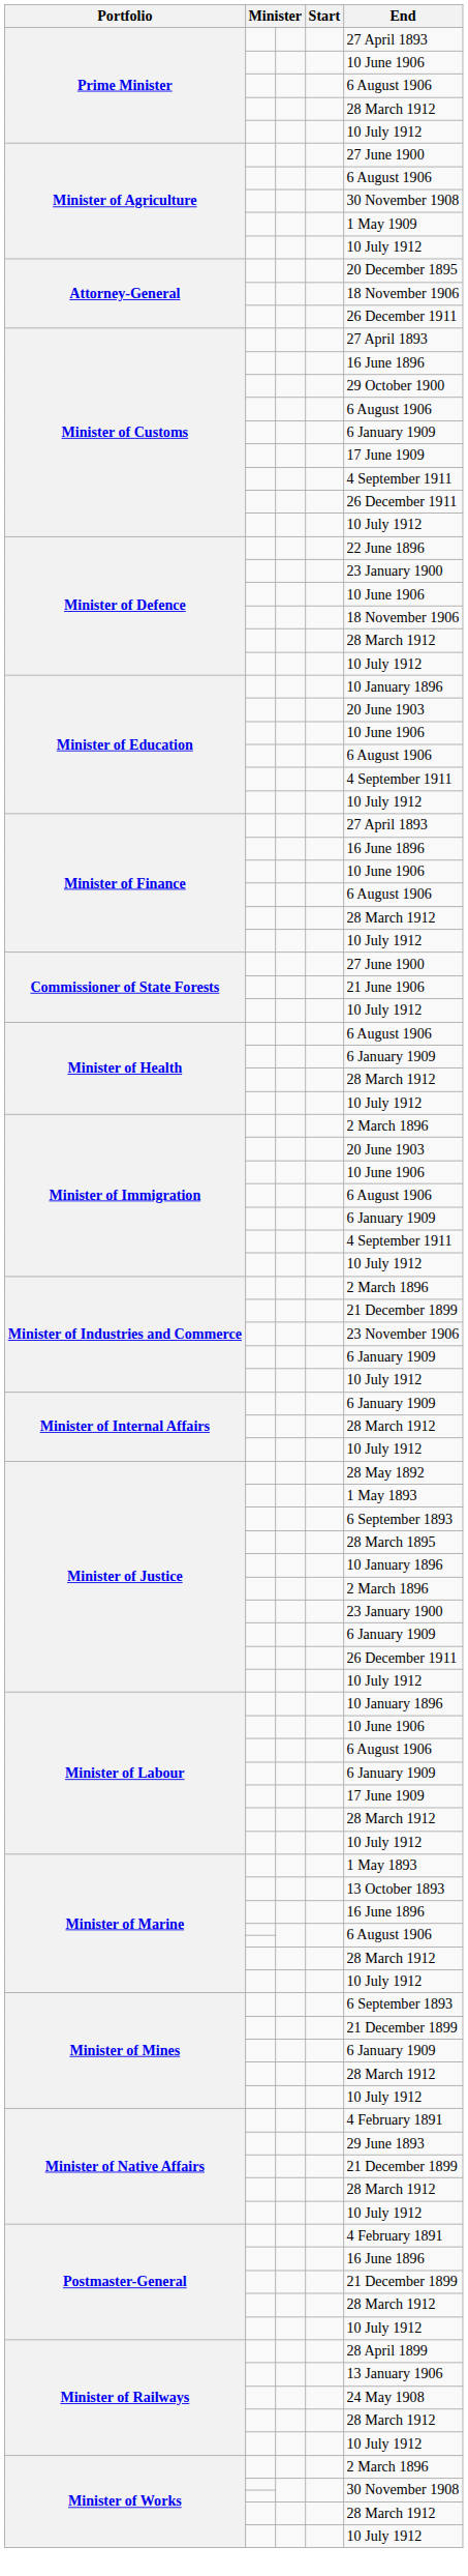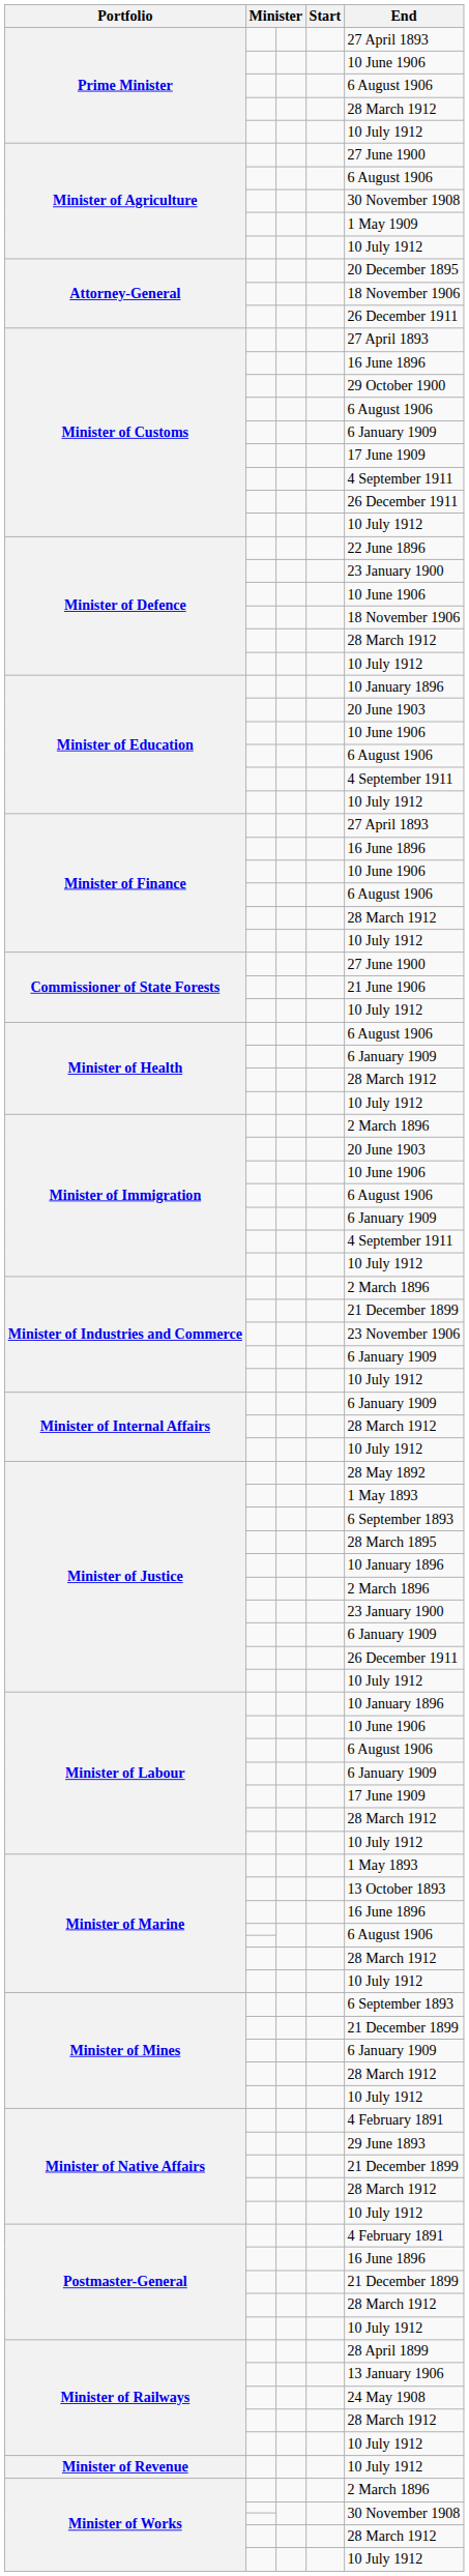 <table class="sortable wikitable">
 <tr>
 <th scope="col">Portfolio</th>
 <th scope="col" colspan="2">Minister</th>
 <th scope="col">Start</th>
 <th scope="col">End</th>
 </tr>
 <tr>
 <th rowspan="5" scope="row"><a href='#'>Prime Minister</a></th>
 <td style="background:"></td>
 <td></td>
 <td></td>
 <td>27 April 1893</td>
 </tr>
 <tr>
 <td style="background:"></td>
 <td></td>
 <td></td>
 <td>10 June 1906</td>
 </tr>
 <tr>
 <td style="background:"></td>
 <td></td>
 <td></td>
 <td>6 August 1906</td>
 </tr>
 <tr>
 <td style="background:"></td>
 <td></td>
 <td></td>
 <td>28 March 1912</td>
 </tr>
 <tr>
 <td style="background:"></td>
 <td></td>
 <td></td>
 <td>10 July 1912</td>
 </tr>
 <tr>
 <th rowspan="5" scope="row"><a href='#'>Minister of Agriculture</a></th>
 <td style="background:"></td>
 <td></td>
 <td></td>
 <td>27 June 1900</td>
 </tr>
 <tr>
 <td style="background:"></td>
 <td></td>
 <td></td>
 <td>6 August 1906</td>
 </tr>
 <tr>
 <td style="background:"></td>
 <td></td>
 <td></td>
 <td>30 November 1908</td>
 </tr>
 <tr>
 <td style="background:"></td>
 <td></td>
 <td></td>
 <td>1 May 1909</td>
 </tr>
 <tr>
 <td style="background:"></td>
 <td></td>
 <td></td>
 <td>10 July 1912</td>
 </tr>
 <tr>
 <th rowspan="3" scope="row"><a href='#'>Attorney-General</a></th>
 <td style="background:"></td>
 <td></td>
 <td></td>
 <td>20 December 1895</td>
 </tr>
 <tr>
 <td style="background:"></td>
 <td></td>
 <td></td>
 <td>18 November 1906</td>
 </tr>
 <tr>
 <td style="background:"></td>
 <td></td>
 <td></td>
 <td>26 December 1911</td>
 </tr>
 <tr>
 <th rowspan="9" scope="row"><a href='#'>Minister of Customs</a></th>
 <td style="background:"></td>
 <td></td>
 <td></td>
 <td>27 April 1893</td>
 </tr>
 <tr>
 <td style="background:"></td>
 <td></td>
 <td></td>
 <td>16 June 1896</td>
 </tr>
 <tr>
 <td style="background:"></td>
 <td></td>
 <td></td>
 <td>29 October 1900</td>
 </tr>
 <tr>
 <td style="background:"></td>
 <td></td>
 <td></td>
 <td>6 August 1906</td>
 </tr>
 <tr>
 <td style="background:"></td>
 <td></td>
 <td></td>
 <td>6 January 1909</td>
 </tr>
 <tr>
 <td style="background:"></td>
 <td></td>
 <td></td>
 <td>17 June 1909</td>
 </tr>
 <tr>
 <td style="background:"></td>
 <td></td>
 <td></td>
 <td>4 September 1911</td>
 </tr>
 <tr>
 <td style="background:"></td>
 <td></td>
 <td></td>
 <td>26 December 1911</td>
 </tr>
 <tr>
 <td style="background:"></td>
 <td></td>
 <td></td>
 <td>10 July 1912</td>
 </tr>
 <tr>
 <th rowspan="6" scope="row"><a href='#'>Minister of Defence</a></th>
 <td style="background:"></td>
 <td></td>
 <td></td>
 <td>22 June 1896</td>
 </tr>
 <tr>
 <td style="background:"></td>
 <td></td>
 <td></td>
 <td>23 January 1900</td>
 </tr>
 <tr>
 <td style="background:"></td>
 <td></td>
 <td></td>
 <td>10 June 1906</td>
 </tr>
 <tr>
 <td style="background:"></td>
 <td></td>
 <td></td>
 <td>18 November 1906</td>
 </tr>
 <tr>
 <td style="background:"></td>
 <td></td>
 <td></td>
 <td>28 March 1912</td>
 </tr>
 <tr>
 <td style="background:"></td>
 <td></td>
 <td></td>
 <td>10 July 1912</td>
 </tr>
 <tr>
 <th rowspan="6" scope="row"><a href='#'>Minister of Education</a></th>
 <td style="background:"></td>
 <td></td>
 <td></td>
 <td>10 January 1896</td>
 </tr>
 <tr>
 <td style="background:"></td>
 <td></td>
 <td></td>
 <td>20 June 1903</td>
 </tr>
 <tr>
 <td style="background:"></td>
 <td></td>
 <td></td>
 <td>10 June 1906</td>
 </tr>
 <tr>
 <td style="background:"></td>
 <td></td>
 <td></td>
 <td>6 August 1906</td>
 </tr>
 <tr>
 <td style="background:"></td>
 <td></td>
 <td></td>
 <td>4 September 1911</td>
 </tr>
 <tr>
 <td style="background:"></td>
 <td></td>
 <td></td>
 <td>10 July 1912</td>
 </tr>
 <tr>
 <th rowspan="6" scope="row"><a href='#'>Minister of Finance</a></th>
 <td style="background:"></td>
 <td></td>
 <td></td>
 <td>27 April 1893</td>
 </tr>
 <tr>
 <td style="background:"></td>
 <td></td>
 <td></td>
 <td>16 June 1896</td>
 </tr>
 <tr>
 <td style="background:"></td>
 <td></td>
 <td></td>
 <td>10 June 1906</td>
 </tr>
 <tr>
 <td style="background:"></td>
 <td></td>
 <td></td>
 <td>6 August 1906</td>
 </tr>
 <tr>
 <td style="background:"></td>
 <td></td>
 <td></td>
 <td>28 March 1912</td>
 </tr>
 <tr>
 <td style="background:"></td>
 <td></td>
 <td></td>
 <td>10 July 1912</td>
 </tr>
 <tr>
 <th rowspan="3" scope="row"><a href='#'>Commissioner of State Forests</a></th>
 <td style="background:"></td>
 <td></td>
 <td></td>
 <td>27 June 1900</td>
 </tr>
 <tr>
 <td style="background:"></td>
 <td></td>
 <td></td>
 <td>21 June 1906</td>
 </tr>
 <tr>
 <td style="background:"></td>
 <td></td>
 <td></td>
 <td>10 July 1912</td>
 </tr>
 <tr>
 <th rowspan="4" scope="row"><a href='#'>Minister of Health</a></th>
 <td style="background:"></td>
 <td></td>
 <td></td>
 <td>6 August 1906</td>
 </tr>
 <tr>
 <td style="background:"></td>
 <td></td>
 <td></td>
 <td>6 January 1909</td>
 </tr>
 <tr>
 <td style="background:"></td>
 <td></td>
 <td></td>
 <td>28 March 1912</td>
 </tr>
 <tr>
 <td style="background:"></td>
 <td></td>
 <td></td>
 <td>10 July 1912</td>
 </tr>
 <tr>
 <th rowspan="7" scope="row"><a href='#'>Minister of Immigration</a></th>
 <td style="background:"></td>
 <td></td>
 <td></td>
 <td>2 March 1896</td>
 </tr>
 <tr>
 <td style="background:"></td>
 <td></td>
 <td></td>
 <td>20 June 1903</td>
 </tr>
 <tr>
 <td style="background:"></td>
 <td></td>
 <td></td>
 <td>10 June 1906</td>
 </tr>
 <tr>
 <td style="background:"></td>
 <td></td>
 <td></td>
 <td>6 August 1906</td>
 </tr>
 <tr>
 <td style="background:"></td>
 <td></td>
 <td></td>
 <td>6 January 1909</td>
 </tr>
 <tr>
 <td style="background:"></td>
 <td></td>
 <td></td>
 <td>4 September 1911</td>
 </tr>
 <tr>
 <td style="background:"></td>
 <td></td>
 <td></td>
 <td>10 July 1912</td>
 </tr>
 <tr>
 <th rowspan="5" scope="row"><a href='#'>Minister of Industries and Commerce</a></th>
 <td style="background:"></td>
 <td></td>
 <td></td>
 <td>2 March 1896</td>
 </tr>
 <tr>
 <td style="background:"></td>
 <td></td>
 <td></td>
 <td>21 December 1899</td>
 </tr>
 <tr>
 <td style="background:"></td>
 <td></td>
 <td></td>
 <td>23 November 1906</td>
 </tr>
 <tr>
 <td style="background:"></td>
 <td></td>
 <td></td>
 <td>6 January 1909</td>
 </tr>
 <tr>
 <td style="background:"></td>
 <td></td>
 <td></td>
 <td>10 July 1912</td>
 </tr>
 <tr>
 <th rowspan="3" scope="row"><a href='#'>Minister of Internal Affairs</a></th>
 <td style="background:"></td>
 <td></td>
 <td></td>
 <td>6 January 1909</td>
 </tr>
 <tr>
 <td style="background:"></td>
 <td></td>
 <td></td>
 <td>28 March 1912</td>
 </tr>
 <tr>
 <td style="background:"></td>
 <td></td>
 <td></td>
 <td>10 July 1912</td>
 </tr>
 <tr>
 <th rowspan="10" scope="row"><a href='#'>Minister of Justice</a></th>
 <td style="background:"></td>
 <td></td>
 <td></td>
 <td>28 May 1892</td>
 </tr>
 <tr>
 <td style="background:"></td>
 <td></td>
 <td></td>
 <td>1 May 1893</td>
 </tr>
 <tr>
 <td style="background:"></td>
 <td></td>
 <td></td>
 <td>6 September 1893</td>
 </tr>
 <tr>
 <td style="background:"></td>
 <td></td>
 <td></td>
 <td>28 March 1895</td>
 </tr>
 <tr>
 <td style="background:"></td>
 <td></td>
 <td></td>
 <td>10 January 1896</td>
 </tr>
 <tr>
 <td style="background:"></td>
 <td></td>
 <td></td>
 <td>2 March 1896</td>
 </tr>
 <tr>
 <td style="background:"></td>
 <td></td>
 <td></td>
 <td>23 January 1900</td>
 </tr>
 <tr>
 <td style="background:"></td>
 <td></td>
 <td></td>
 <td>6 January 1909</td>
 </tr>
 <tr>
 <td style="background:"></td>
 <td></td>
 <td></td>
 <td>26 December 1911</td>
 </tr>
 <tr>
 <td style="background:"></td>
 <td></td>
 <td></td>
 <td>10 July 1912</td>
 </tr>
 <tr>
 <th rowspan="7" scope="row"><a href='#'>Minister of Labour</a></th>
 <td style="background:"></td>
 <td></td>
 <td></td>
 <td>10 January 1896</td>
 </tr>
 <tr>
 <td style="background:"></td>
 <td></td>
 <td></td>
 <td>10 June 1906</td>
 </tr>
 <tr>
 <td style="background:"></td>
 <td></td>
 <td></td>
 <td>6 August 1906</td>
 </tr>
 <tr>
 <td style="background:"></td>
 <td></td>
 <td></td>
 <td>6 January 1909</td>
 </tr>
 <tr>
 <td style="background:"></td>
 <td></td>
 <td></td>
 <td>17 June 1909</td>
 </tr>
 <tr>
 <td style="background:"></td>
 <td></td>
 <td></td>
 <td>28 March 1912</td>
 </tr>
 <tr>
 <td style="background:"></td>
 <td></td>
 <td></td>
 <td>10 July 1912</td>
 </tr>
 <tr>
 <th rowspan="7" scope="row"><a href='#'>Minister of Marine</a></th>
 <td style="background:"></td>
 <td></td>
 <td></td>
 <td>1 May 1893</td>
 </tr>
 <tr>
 <td style="background:"></td>
 <td></td>
 <td></td>
 <td>13 October 1893</td>
 </tr>
 <tr>
 <td style="background:"></td>
 <td></td>
 <td></td>
 <td>16 June 1896</td>
 </tr>
 <tr>
 <td style="background:"></td>
 <td rowspan=2></td>
 <td rowspan=2></td>
 <td rowspan=2>6 August 1906</td>
 </tr>
 <tr>
 <td style="background:"></td>
 </tr>
 <tr>
 <td style="background:"></td>
 <td></td>
 <td></td>
 <td>28 March 1912</td>
 </tr>
 <tr>
 <td style="background:"></td>
 <td></td>
 <td></td>
 <td>10 July 1912</td>
 </tr>
 <tr>
 <th rowspan="5" scope="row"><a href='#'>Minister of Mines</a></th>
 <td style="background:"></td>
 <td></td>
 <td></td>
 <td>6 September 1893</td>
 </tr>
 <tr>
 <td style="background:"></td>
 <td></td>
 <td></td>
 <td>21 December 1899</td>
 </tr>
 <tr>
 <td style="background:"></td>
 <td></td>
 <td></td>
 <td>6 January 1909</td>
 </tr>
 <tr>
 <td style="background:"></td>
 <td></td>
 <td></td>
 <td>28 March 1912</td>
 </tr>
 <tr>
 <td style="background:"></td>
 <td></td>
 <td></td>
 <td>10 July 1912</td>
 </tr>
 <tr>
 <th rowspan="5" scope="row"><a href='#'>Minister of Native Affairs</a></th>
 <td style="background:"></td>
 <td></td>
 <td></td>
 <td>4 February 1891</td>
 </tr>
 <tr>
 <td style="background:"></td>
 <td></td>
 <td></td>
 <td>29 June 1893</td>
 </tr>
 <tr>
 <td style="background:"></td>
 <td></td>
 <td></td>
 <td>21 December 1899</td>
 </tr>
 <tr>
 <td style="background:"></td>
 <td></td>
 <td></td>
 <td>28 March 1912</td>
 </tr>
 <tr>
 <td style="background:"></td>
 <td></td>
 <td></td>
 <td>10 July 1912</td>
 </tr>
 <tr>
 <th rowspan="5" scope="row"><a href='#'>Postmaster-General</a></th>
 <td style="background:"></td>
 <td></td>
 <td></td>
 <td>4 February 1891</td>
 </tr>
 <tr>
 <td style="background:"></td>
 <td></td>
 <td></td>
 <td>16 June 1896</td>
 </tr>
 <tr>
 <td style="background:"></td>
 <td></td>
 <td></td>
 <td>21 December 1899</td>
 </tr>
 <tr>
 <td style="background:"></td>
 <td></td>
 <td></td>
 <td>28 March 1912</td>
 </tr>
 <tr>
 <td style="background:"></td>
 <td></td>
 <td></td>
 <td>10 July 1912</td>
 </tr>
 <tr>
 <th rowspan="5" scope="row"><a href='#'>Minister of Railways</a></th>
 <td style="background:"></td>
 <td></td>
 <td></td>
 <td>28 April 1899</td>
 </tr>
 <tr>
 <td style="background:"></td>
 <td></td>
 <td></td>
 <td>13 January 1906</td>
 </tr>
 <tr>
 <td style="background:"></td>
 <td></td>
 <td></td>
 <td>24 May 1908</td>
 </tr>
 <tr>
 <td style="background:"></td>
 <td></td>
 <td></td>
 <td>28 March 1912</td>
 </tr>
 <tr>
 <td style="background:"></td>
 <td></td>
 <td></td>
 <td>10 July 1912</td>
 </tr>
 <tr>
+<th scope="row"><a href='#'>Minister of Revenue</a></th>
+<td style="background:"></td>
+<td></td>
+<td></td>
+<td>10 July 1912</td>
+</tr>
+<tr>
 <th rowspan="5" scope="row"><a href='#'>Minister of Works</a></th>
 <td style="background:"></td>
 <td></td>
 <td></td>
 <td>2 March 1896</td>
 </tr>
 <tr>
 <td style="background:"></td>
 <td rowspan=2></td>
 <td rowspan=2></td>
 <td rowspan=2>30 November 1908</td>
 </tr>
 <tr>
 <td style="background:"></td>
 </tr>
 <tr>
 <td style="background:"></td>
 <td></td>
 <td></td>
 <td>28 March 1912</td>
 </tr>
 <tr>
 <td style="background:"></td>
 <td></td>
 <td></td>
 <td>10 July 1912</td>
 </tr>
 </table>
